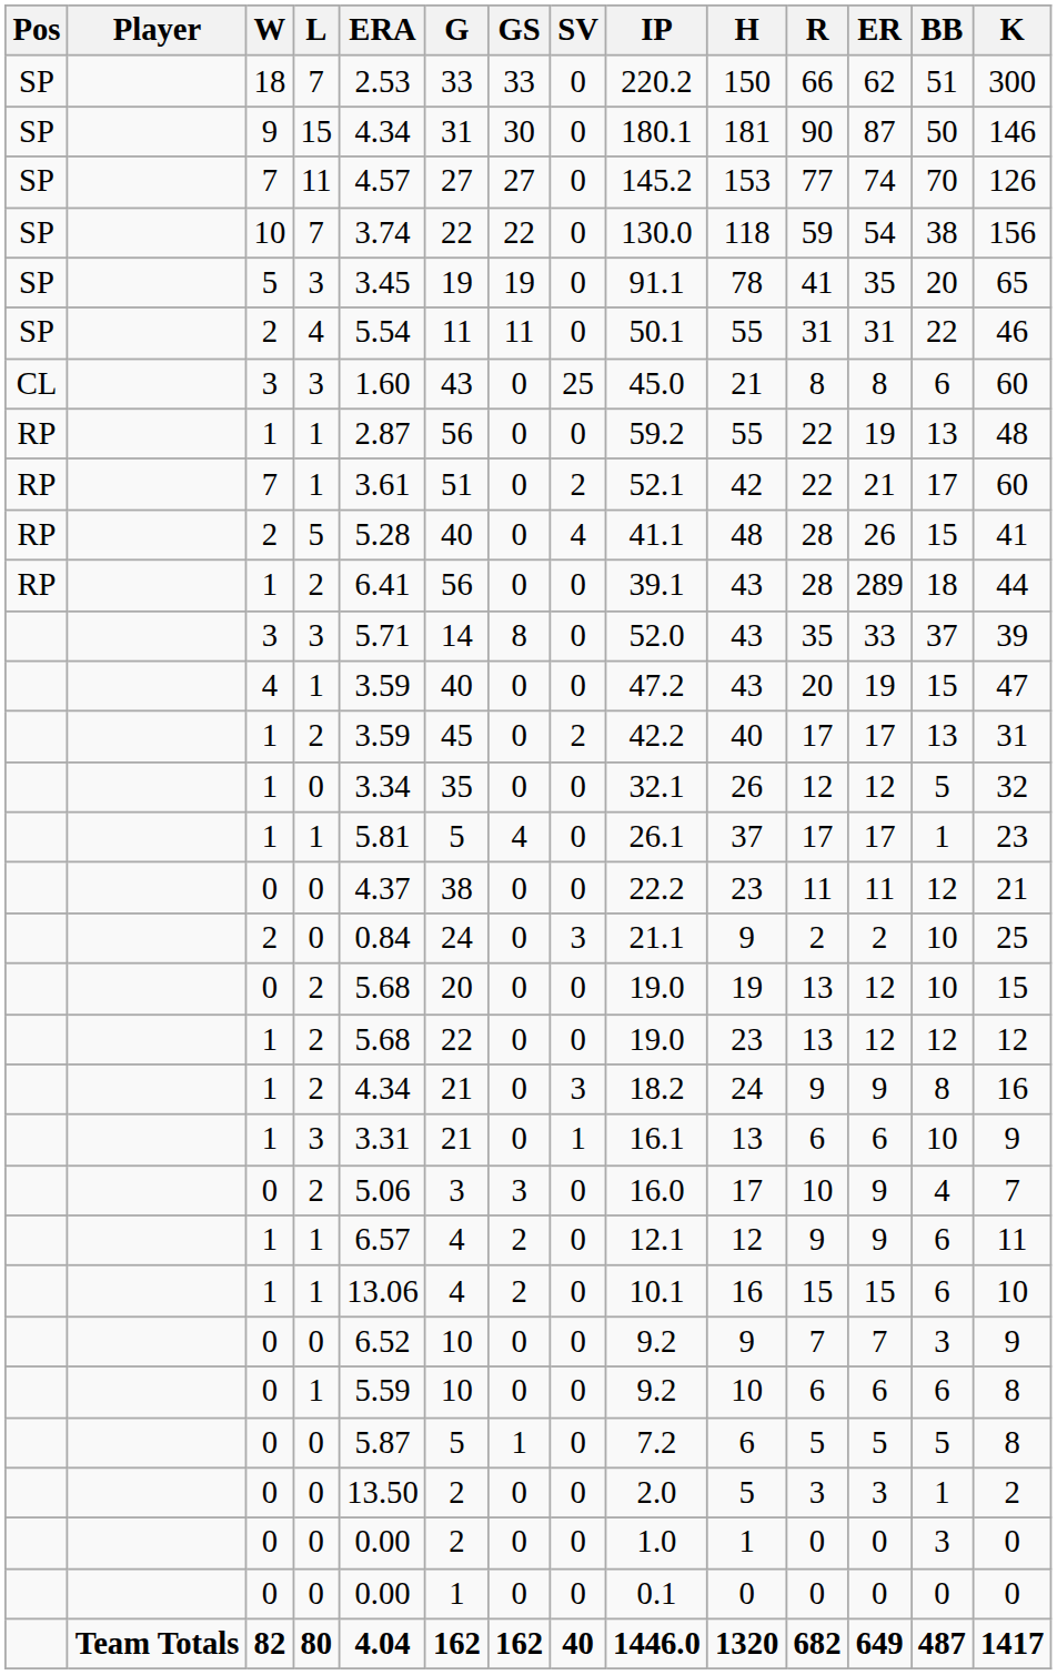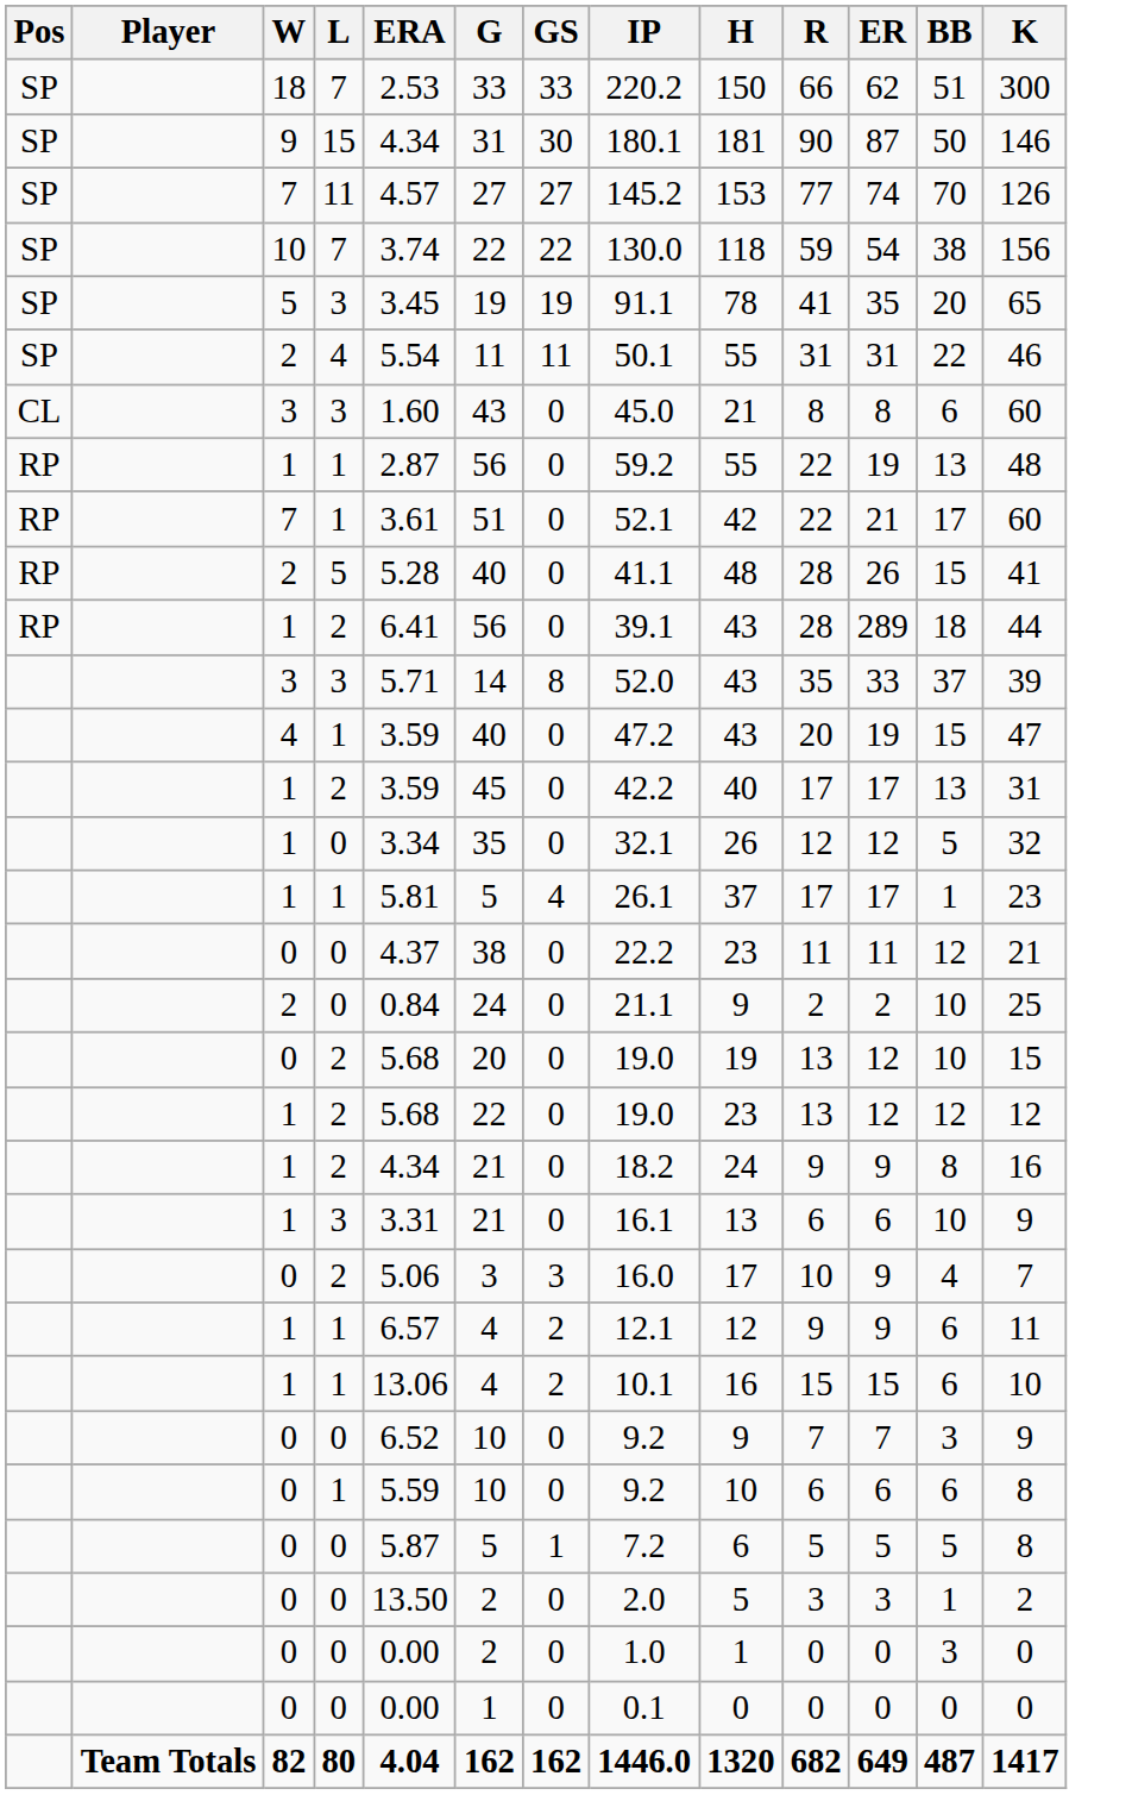 <table class="wikitable sortable">
 <tr>
 <th>Pos</th>
 <th>Player</th>
 <th>W</th>
 <th>L</th>
 <th>ERA</th>
 <th>G</th>
 <th>GS</th>
-<th>SV</th>
 <th>IP</th>
 <th>H</th>
 <th>R</th>
 <th>ER</th>
 <th>BB</th>
 <th>K</th>
 </tr>
 <tr align="center">
 <td>SP</td>
 <td></td>
 <td>18</td>
 <td>7</td>
 <td>2.53</td>
 <td>33</td>
 <td>33</td>
-<td>0</td>
 <td>220.2</td>
 <td>150</td>
 <td>66</td>
 <td>62</td>
 <td>51</td>
 <td>300</td>
 </tr>
 <tr align="center">
 <td>SP</td>
 <td></td>
 <td>9</td>
 <td>15</td>
 <td>4.34</td>
 <td>31</td>
 <td>30</td>
-<td>0</td>
 <td>180.1</td>
 <td>181</td>
 <td>90</td>
 <td>87</td>
 <td>50</td>
 <td>146</td>
 </tr>
 <tr align="center">
 <td>SP</td>
 <td></td>
 <td>7</td>
 <td>11</td>
 <td>4.57</td>
 <td>27</td>
 <td>27</td>
-<td>0</td>
 <td>145.2</td>
 <td>153</td>
 <td>77</td>
 <td>74</td>
 <td>70</td>
 <td>126</td>
 </tr>
 <tr align="center">
 <td>SP</td>
 <td></td>
 <td>10</td>
 <td>7</td>
 <td>3.74</td>
 <td>22</td>
 <td>22</td>
-<td>0</td>
 <td>130.0</td>
 <td>118</td>
 <td>59</td>
 <td>54</td>
 <td>38</td>
 <td>156</td>
 </tr>
 <tr align="center">
 <td>SP</td>
 <td></td>
 <td>5</td>
 <td>3</td>
 <td>3.45</td>
 <td>19</td>
 <td>19</td>
-<td>0</td>
 <td>91.1</td>
 <td>78</td>
 <td>41</td>
 <td>35</td>
 <td>20</td>
 <td>65</td>
 </tr>
 <tr align="center">
 <td>SP</td>
 <td></td>
 <td>2</td>
 <td>4</td>
 <td>5.54</td>
 <td>11</td>
 <td>11</td>
-<td>0</td>
 <td>50.1</td>
 <td>55</td>
 <td>31</td>
 <td>31</td>
 <td>22</td>
 <td>46</td>
 </tr>
 <tr align="center">
 <td>CL</td>
 <td></td>
 <td>3</td>
 <td>3</td>
 <td>1.60</td>
 <td>43</td>
 <td>0</td>
-<td>25</td>
 <td>45.0</td>
 <td>21</td>
 <td>8</td>
 <td>8</td>
 <td>6</td>
 <td>60</td>
 </tr>
 <tr align="center">
 <td>RP</td>
 <td></td>
 <td>1</td>
 <td>1</td>
 <td>2.87</td>
 <td>56</td>
-<td>0</td>
 <td>0</td>
 <td>59.2</td>
 <td>55</td>
 <td>22</td>
 <td>19</td>
 <td>13</td>
 <td>48</td>
 </tr>
 <tr align="center">
 <td>RP</td>
 <td></td>
 <td>7</td>
 <td>1</td>
 <td>3.61</td>
 <td>51</td>
 <td>0</td>
-<td>2</td>
 <td>52.1</td>
 <td>42</td>
 <td>22</td>
 <td>21</td>
 <td>17</td>
 <td>60</td>
 </tr>
 <tr align="center">
 <td>RP</td>
 <td></td>
 <td>2</td>
 <td>5</td>
 <td>5.28</td>
 <td>40</td>
 <td>0</td>
-<td>4</td>
 <td>41.1</td>
 <td>48</td>
 <td>28</td>
 <td>26</td>
 <td>15</td>
 <td>41</td>
 </tr>
 <tr align="center">
 <td>RP</td>
 <td></td>
 <td>1</td>
 <td>2</td>
 <td>6.41</td>
 <td>56</td>
-<td>0</td>
 <td>0</td>
 <td>39.1</td>
 <td>43</td>
 <td>28</td>
 <td>289</td>
 <td>18</td>
 <td>44</td>
 </tr>
 <tr align="center">
 <td></td>
 <td></td>
 <td>3</td>
 <td>3</td>
 <td>5.71</td>
 <td>14</td>
 <td>8</td>
-<td>0</td>
 <td>52.0</td>
 <td>43</td>
 <td>35</td>
 <td>33</td>
 <td>37</td>
 <td>39</td>
 </tr>
 <tr align="center">
 <td></td>
 <td></td>
 <td>4</td>
 <td>1</td>
 <td>3.59</td>
 <td>40</td>
-<td>0</td>
 <td>0</td>
 <td>47.2</td>
 <td>43</td>
 <td>20</td>
 <td>19</td>
 <td>15</td>
 <td>47</td>
 </tr>
 <tr align="center">
 <td></td>
 <td></td>
 <td>1</td>
 <td>2</td>
 <td>3.59</td>
 <td>45</td>
 <td>0</td>
-<td>2</td>
 <td>42.2</td>
 <td>40</td>
 <td>17</td>
 <td>17</td>
 <td>13</td>
 <td>31</td>
 </tr>
 <tr align="center">
 <td></td>
 <td></td>
 <td>1</td>
 <td>0</td>
 <td>3.34</td>
 <td>35</td>
-<td>0</td>
 <td>0</td>
 <td>32.1</td>
 <td>26</td>
 <td>12</td>
 <td>12</td>
 <td>5</td>
 <td>32</td>
 </tr>
 <tr align="center">
 <td></td>
 <td></td>
 <td>1</td>
 <td>1</td>
 <td>5.81</td>
 <td>5</td>
 <td>4</td>
-<td>0</td>
 <td>26.1</td>
 <td>37</td>
 <td>17</td>
 <td>17</td>
 <td>1</td>
 <td>23</td>
 </tr>
 <tr align="center">
 <td></td>
 <td></td>
 <td>0</td>
 <td>0</td>
 <td>4.37</td>
 <td>38</td>
-<td>0</td>
 <td>0</td>
 <td>22.2</td>
 <td>23</td>
 <td>11</td>
 <td>11</td>
 <td>12</td>
 <td>21</td>
 </tr>
 <tr align="center">
 <td></td>
 <td></td>
 <td>2</td>
 <td>0</td>
 <td>0.84</td>
 <td>24</td>
 <td>0</td>
-<td>3</td>
 <td>21.1</td>
 <td>9</td>
 <td>2</td>
 <td>2</td>
 <td>10</td>
 <td>25</td>
 </tr>
 <tr align="center">
 <td></td>
 <td></td>
 <td>0</td>
 <td>2</td>
 <td>5.68</td>
 <td>20</td>
-<td>0</td>
 <td>0</td>
 <td>19.0</td>
 <td>19</td>
 <td>13</td>
 <td>12</td>
 <td>10</td>
 <td>15</td>
 </tr>
 <tr align="center">
 <td></td>
 <td></td>
 <td>1</td>
 <td>2</td>
 <td>5.68</td>
 <td>22</td>
 <td>0</td>
-<td>0</td>
 <td>19.0</td>
 <td>23</td>
 <td>13</td>
 <td>12</td>
 <td>12</td>
 <td>12</td>
 </tr>
 <tr align="center">
 <td></td>
 <td></td>
 <td>1</td>
 <td>2</td>
 <td>4.34</td>
 <td>21</td>
 <td>0</td>
-<td>3</td>
 <td>18.2</td>
 <td>24</td>
 <td>9</td>
 <td>9</td>
 <td>8</td>
 <td>16</td>
 </tr>
 <tr align="center">
 <td></td>
 <td></td>
 <td>1</td>
 <td>3</td>
 <td>3.31</td>
 <td>21</td>
 <td>0</td>
-<td>1</td>
 <td>16.1</td>
 <td>13</td>
 <td>6</td>
 <td>6</td>
 <td>10</td>
 <td>9</td>
 </tr>
 <tr align="center">
 <td></td>
 <td></td>
 <td>0</td>
 <td>2</td>
 <td>5.06</td>
 <td>3</td>
 <td>3</td>
-<td>0</td>
 <td>16.0</td>
 <td>17</td>
 <td>10</td>
 <td>9</td>
 <td>4</td>
 <td>7</td>
 </tr>
 <tr align="center">
 <td></td>
 <td></td>
 <td>1</td>
 <td>1</td>
 <td>6.57</td>
 <td>4</td>
 <td>2</td>
-<td>0</td>
 <td>12.1</td>
 <td>12</td>
 <td>9</td>
 <td>9</td>
 <td>6</td>
 <td>11</td>
 </tr>
 <tr align="center">
 <td></td>
 <td></td>
 <td>1</td>
 <td>1</td>
 <td>13.06</td>
 <td>4</td>
 <td>2</td>
-<td>0</td>
 <td>10.1</td>
 <td>16</td>
 <td>15</td>
 <td>15</td>
 <td>6</td>
 <td>10</td>
 </tr>
 <tr align="center">
 <td></td>
 <td></td>
 <td>0</td>
 <td>0</td>
 <td>6.52</td>
 <td>10</td>
-<td>0</td>
 <td>0</td>
 <td>9.2</td>
 <td>9</td>
 <td>7</td>
 <td>7</td>
 <td>3</td>
 <td>9</td>
 </tr>
 <tr align="center">
 <td></td>
 <td></td>
 <td>0</td>
 <td>1</td>
 <td>5.59</td>
 <td>10</td>
 <td>0</td>
-<td>0</td>
 <td>9.2</td>
 <td>10</td>
 <td>6</td>
 <td>6</td>
 <td>6</td>
 <td>8</td>
 </tr>
 <tr align="center">
 <td></td>
 <td></td>
 <td>0</td>
 <td>0</td>
 <td>5.87</td>
 <td>5</td>
 <td>1</td>
-<td>0</td>
 <td>7.2</td>
 <td>6</td>
 <td>5</td>
 <td>5</td>
 <td>5</td>
 <td>8</td>
 </tr>
 <tr align="center">
 <td></td>
 <td></td>
 <td>0</td>
 <td>0</td>
 <td>13.50</td>
 <td>2</td>
-<td>0</td>
 <td>0</td>
 <td>2.0</td>
 <td>5</td>
 <td>3</td>
 <td>3</td>
 <td>1</td>
 <td>2</td>
 </tr>
 <tr align="center">
 <td></td>
 <td></td>
 <td>0</td>
 <td>0</td>
 <td>0.00</td>
 <td>2</td>
 <td>0</td>
-<td>0</td>
 <td>1.0</td>
 <td>1</td>
 <td>0</td>
 <td>0</td>
 <td>3</td>
 <td>0</td>
 </tr>
 <tr align="center">
 <td></td>
 <td></td>
 <td>0</td>
 <td>0</td>
 <td>0.00</td>
 <td>1</td>
-<td>0</td>
 <td>0</td>
 <td>0.1</td>
 <td>0</td>
 <td>0</td>
 <td>0</td>
 <td>0</td>
 <td>0</td>
 </tr>
 <tr align="center" class="unsortable">
 <td></td>
 <td><strong>Team Totals</strong></td>
 <td><strong>82</strong></td>
 <td><strong>80</strong></td>
 <td><strong>4.04</strong></td>
 <td><strong>162</strong></td>
 <td><strong>162</strong></td>
-<td><strong>40</strong></td>
 <td><strong>1446.0</strong></td>
 <td><strong>1320</strong></td>
 <td><strong>682</strong></td>
 <td><strong>649</strong></td>
 <td><strong>487</strong></td>
 <td><strong>1417</strong></td>
 </tr>
 </table>
